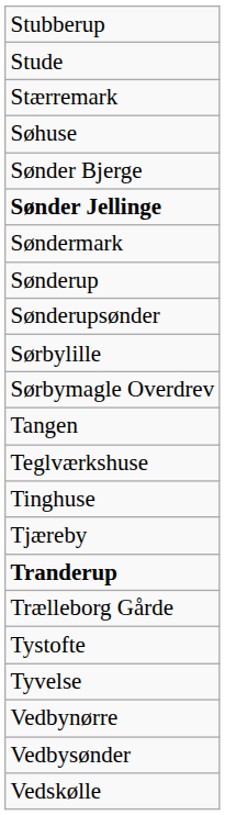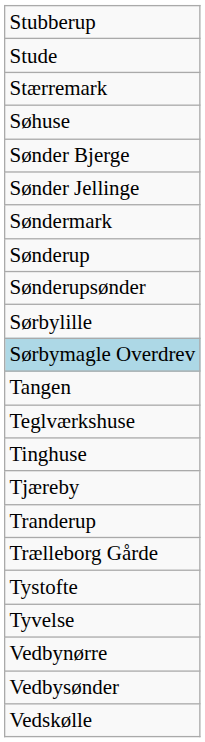 <table class="wikitable" style="float:left; margin-right:1em">
 <tr>
 <td>Stubberup</td>
 </tr>
 <tr>
 <td>Stude</td>
 </tr>
 <tr>
 <td>Stærremark</td>
 </tr>
 <tr>
 <td>Søhuse</td>
 </tr>
 <tr>
 <td>Sønder Bjerge</td>
 </tr>
 <tr>
-<td><strong>Sønder Jellinge</strong></td>
+<td>Sønder Jellinge</td>
 </tr>
 <tr>
 <td>Søndermark</td>
 </tr>
 <tr>
 <td>Sønderup</td>
 </tr>
 <tr>
 <td>Sønderupsønder</td>
 </tr>
 <tr>
 <td>Sørbylille</td>
 </tr>
 <tr>
-<td>Sørbymagle Overdrev</td>
+<td style="background: lightblue;">Sørbymagle Overdrev</td>
 </tr>
 <tr>
 <td>Tangen</td>
 </tr>
 <tr>
 <td>Teglværkshuse</td>
 </tr>
 <tr>
 <td>Tinghuse</td>
 </tr>
 <tr>
 <td>Tjæreby</td>
 </tr>
 <tr>
-<td><strong>Tranderup</strong></td>
+<td>Tranderup</td>
 </tr>
 <tr>
 <td>Trælleborg Gårde</td>
 </tr>
 <tr>
 <td>Tystofte</td>
 </tr>
 <tr>
 <td>Tyvelse</td>
 </tr>
 <tr>
 <td>Vedbynørre</td>
 </tr>
 <tr>
 <td>Vedbysønder</td>
 </tr>
 <tr>
 <td>Vedskølle</td>
 </tr>
 </table>
